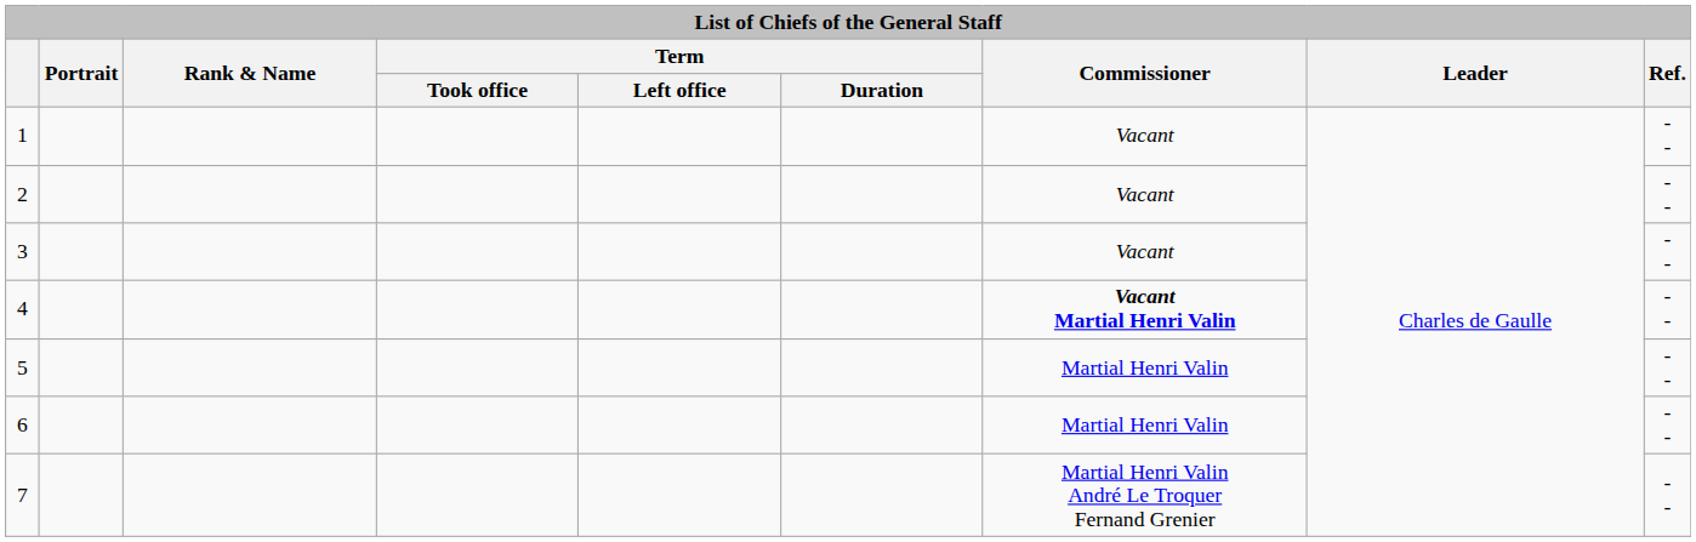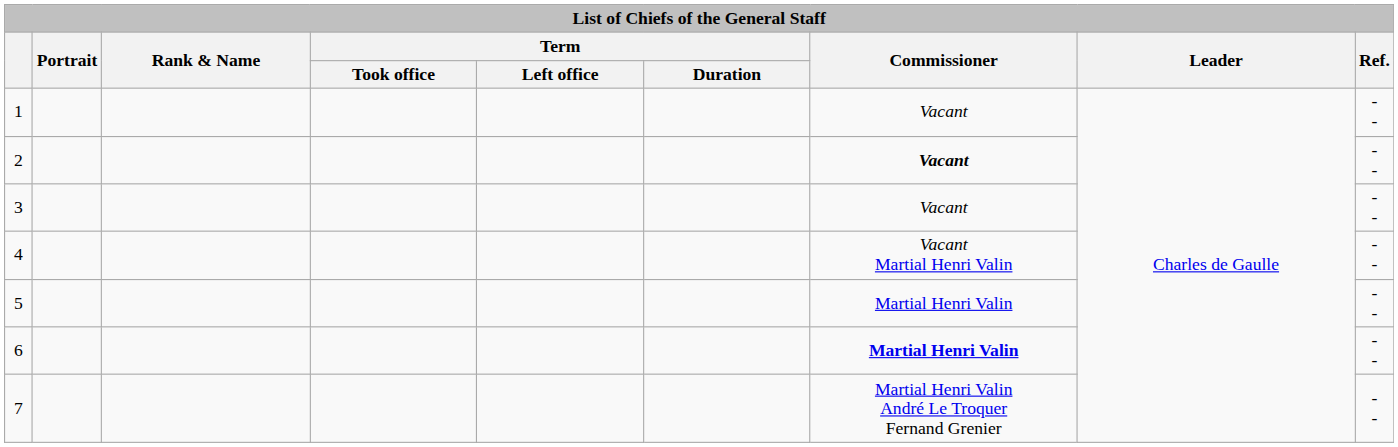 <table class="wikitable mw-collapsible mw-collapsed" style="text-align:center; width:100%">
 <tr bgcolor="silver">
 <td colspan="9"><strong>List of Chiefs of the General Staff</strong></td>
 </tr>
 <tr>
 <th style="width:2%" rowspan=2></th>
 <th style="width:5%" rowspan=2>Portrait</th>
 <th style="width:15%" rowspan=2>Rank & Name</th>
 <th colspan=3>Term</th>
 <th rowspan=2>Commissioner</th>
 <th style="width:20%" rowspan=2>Leader</th>
 <th style="width:2%" rowspan=2>Ref.</th>
 </tr>
 <tr>
 <th style="width:12%">Took office </th>
 <th style="width:12%">Left office </th>
 <th style="width:12%">Duration</th>
 </tr>
 <tr>
 <td>1</td>
 <td></td>
 <td><br><strong></strong></td>
 <td></td>
 <td></td>
 <td></td>
 <td><em>Vacant</em></td>
 <td rowspan=7><a href='#'>Charles de Gaulle</a></td>
 <td>-<br>-</td>
 </tr>
 <tr>
 <td>2</td>
 <td></td>
 <td><br><strong></strong></td>
 <td></td>
 <td></td>
 <td></td>
-<td><em>Vacant</em></td>
+<td><strong><em>Vacant</em></strong></td>
 <td>-<br>-</td>
 </tr>
 <tr>
 <td>3</td>
 <td></td>
 <td><br><strong></strong></td>
 <td></td>
 <td></td>
 <td></td>
 <td><em>Vacant</em></td>
 <td>-<br>-</td>
 </tr>
 <tr>
 <td>4</td>
 <td></td>
 <td><br><strong></strong></td>
 <td></td>
 <td></td>
 <td></td>
-<td><strong><em>Vacant</em><br><a href='#'>Martial Henri Valin</a></strong></td>
+<td><em>Vacant</em><br><a href='#'>Martial Henri Valin</a></td>
 <td>-<br>-</td>
 </tr>
 <tr>
 <td>5</td>
 <td></td>
 <td><br><strong></strong></td>
 <td></td>
 <td></td>
 <td></td>
 <td><a href='#'>Martial Henri Valin</a></td>
 <td>-<br>-</td>
 </tr>
 <tr>
 <td>6</td>
 <td></td>
 <td><br><strong></strong></td>
 <td></td>
 <td></td>
 <td></td>
-<td><a href='#'>Martial Henri Valin</a></td>
+<td><strong><a href='#'>Martial Henri Valin</a></strong></td>
 <td>-<br>-</td>
 </tr>
 <tr>
 <td>7</td>
 <td></td>
 <td><br><strong></strong></td>
 <td></td>
 <td></td>
 <td></td>
 <td><a href='#'>Martial Henri Valin</a><br><a href='#'>André Le Troquer</a><br>Fernand Grenier</td>
 <td>-<br>-</td>
 </tr>
 </table>
